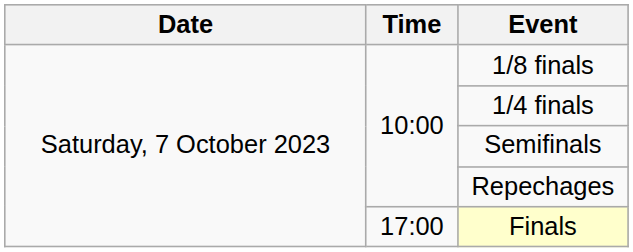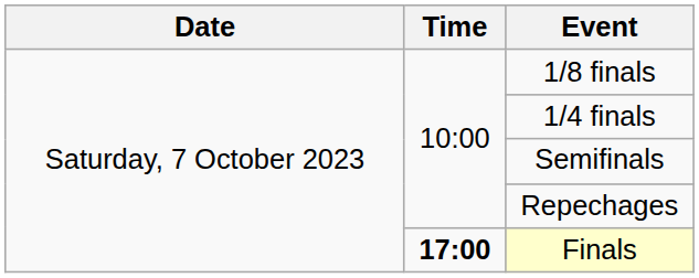 <table class = "wikitable" style="text-align:center;">
 <tr>
 <th width=220>Date</th>
 <th width=50>Time</th>
 <th width=100>Event</th>
 </tr>
 <tr>
 <td rowspan=5>Saturday, 7 October 2023</td>
 <td rowspan=4>10:00</td>
 <td>1/8 finals</td>
 </tr>
 <tr>
 <td>1/4 finals</td>
 </tr>
 <tr>
 <td>Semifinals</td>
 </tr>
 <tr>
 <td>Repechages</td>
 </tr>
 <tr>
-<td>17:00</td>
+<td><strong>17:00</strong></td>
 <td bgcolor=ffffcc>Finals</td>
 </tr>
 </table>
